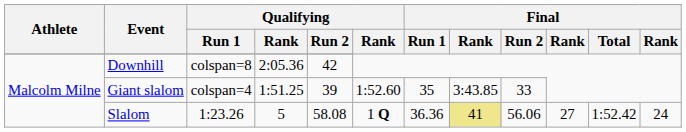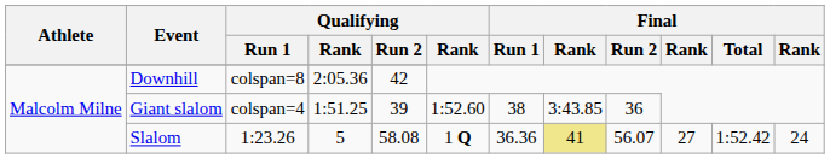 <table class="wikitable" style="font-size:90%">
 <tr>
 <th rowspan="2">Athlete</th>
 <th rowspan="2">Event</th>
 <th colspan="4">Qualifying</th>
 <th colspan="6">Final</th>
 </tr>
 <tr>
 <th>Run 1</th>
 <th>Rank</th>
 <th>Run 2</th>
 <th>Rank</th>
 <th>Run 1</th>
 <th>Rank</th>
 <th>Run 2</th>
 <th>Rank</th>
 <th>Total</th>
 <th>Rank</th>
 </tr>
 <tr>
 </tr>
 <tr align="center">
 <td align="left" rowspan=3><a href='#'>Malcolm Milne</a></td>
 <td align="left"><a href='#'>Downhill</a></td>
 <td>colspan=8 </td>
 <td>2:05.36</td>
 <td>42</td>
 </tr>
 <tr align="center">
 <td align="left"><a href='#'>Giant slalom</a></td>
 <td>colspan=4 </td>
 <td>1:51.25</td>
 <td>39</td>
 <td>1:52.60</td>
-<td>35</td>
+<td>38</td>
 <td>3:43.85</td>
-<td>33</td>
+<td>36</td>
 </tr>
 <tr align="center">
 <td align="left"><a href='#'>Slalom</a></td>
 <td>1:23.26</td>
 <td>5</td>
 <td>58.08</td>
 <td>1 <strong>Q</strong></td>
 <td>36.36</td>
 <td style="background: khaki;">41</td>
-<td>56.06</td>
+<td>56.07</td>
 <td>27</td>
 <td>1:52.42</td>
 <td>24</td>
 </tr>
 </table>
